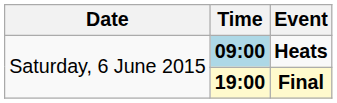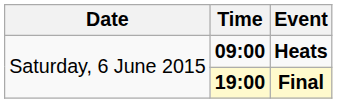 <table class = "wikitable" style="text-align:center;">
 <tr>
 <th>Date</th>
 <th>Time</th>
 <th>Event</th>
 </tr>
 <tr>
 <td rowspan=2 style="text-align:left;">Saturday, 6 June 2015</td>
-<td style="background: lightblue;"><strong>09:00</strong></td>
+<td><strong>09:00</strong></td>
 <td><strong>Heats</strong></td>
 </tr>
 <tr style="background-color:lemonchiffon;">
 <td><strong>19:00</strong></td>
 <td><strong>Final</strong></td>
 </tr>
 </table>
